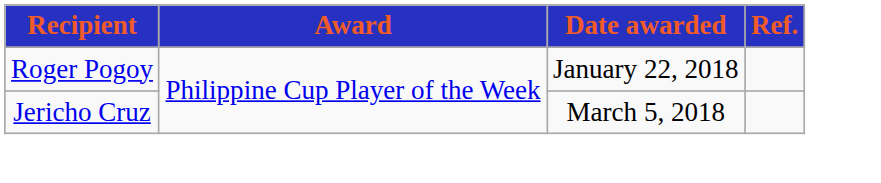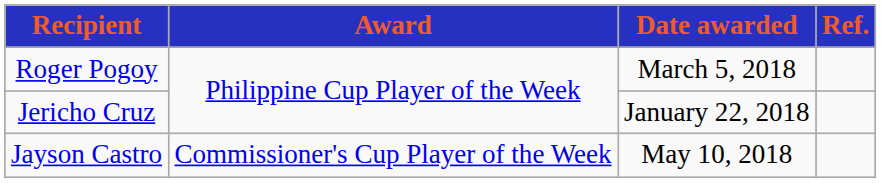 <table class="wikitable sortable sortable" style="text-align: center">
 <tr>
 <th style="background:#2631C2; color:#F05B28; ">Recipient</th>
 <th style="background:#2631C2; color:#F05B28; ">Award</th>
 <th style="background:#2631C2; color:#F05B28; ">Date awarded</th>
 <th style="background:#2631C2; color:#F05B28; ">Ref.</th>
 </tr>
 <tr>
 <td><a href='#'>Roger Pogoy</a></td>
 <td rowspan=2><a href='#'>Philippine Cup Player of the Week</a></td>
+<td>March 5, 2018</td>
+<td></td>
+</tr>
+<tr>
+<td><a href='#'>Jericho Cruz</a></td>
 <td>January 22, 2018</td>
 <td></td>
 </tr>
 <tr>
-<td><a href='#'>Jericho Cruz</a></td>
-<td>March 5, 2018</td>
+<td><a href='#'>Jayson Castro</a></td>
+<td><a href='#'>Commissioner's Cup Player of the Week</a></td>
+<td>May 10, 2018</td>
 <td></td>
 </tr>
 </table>
